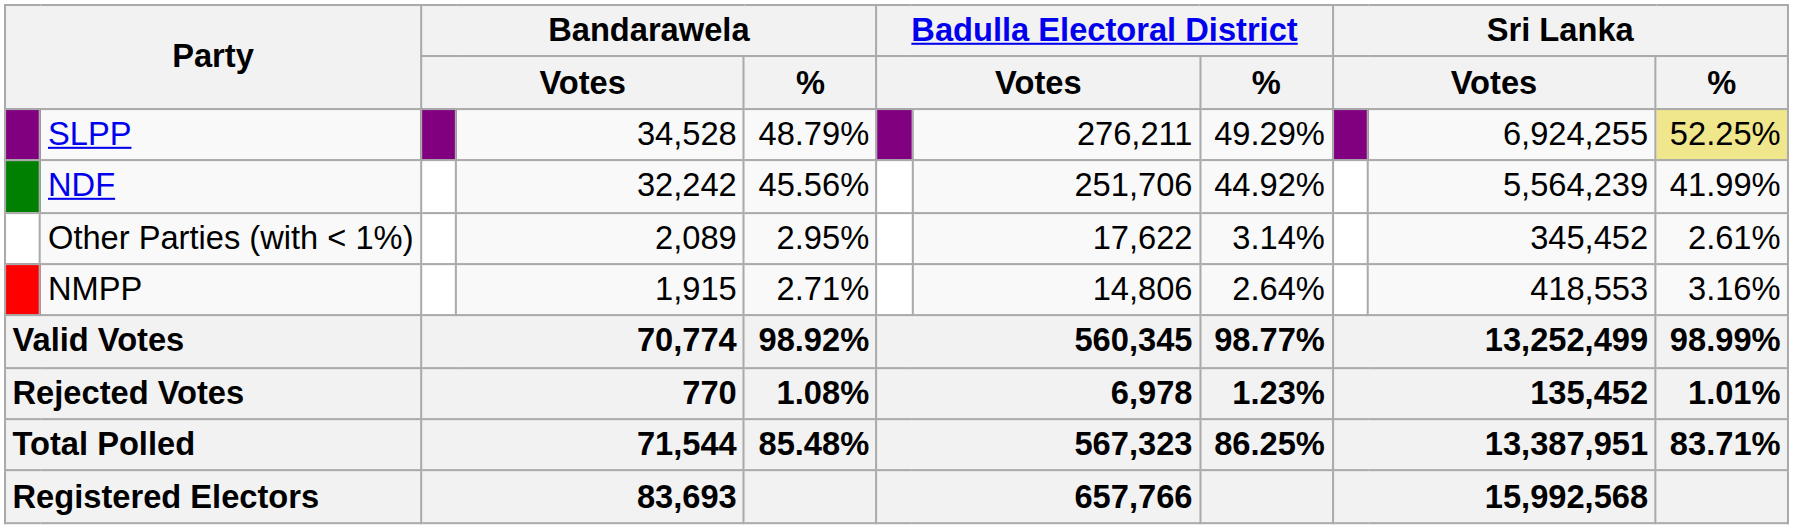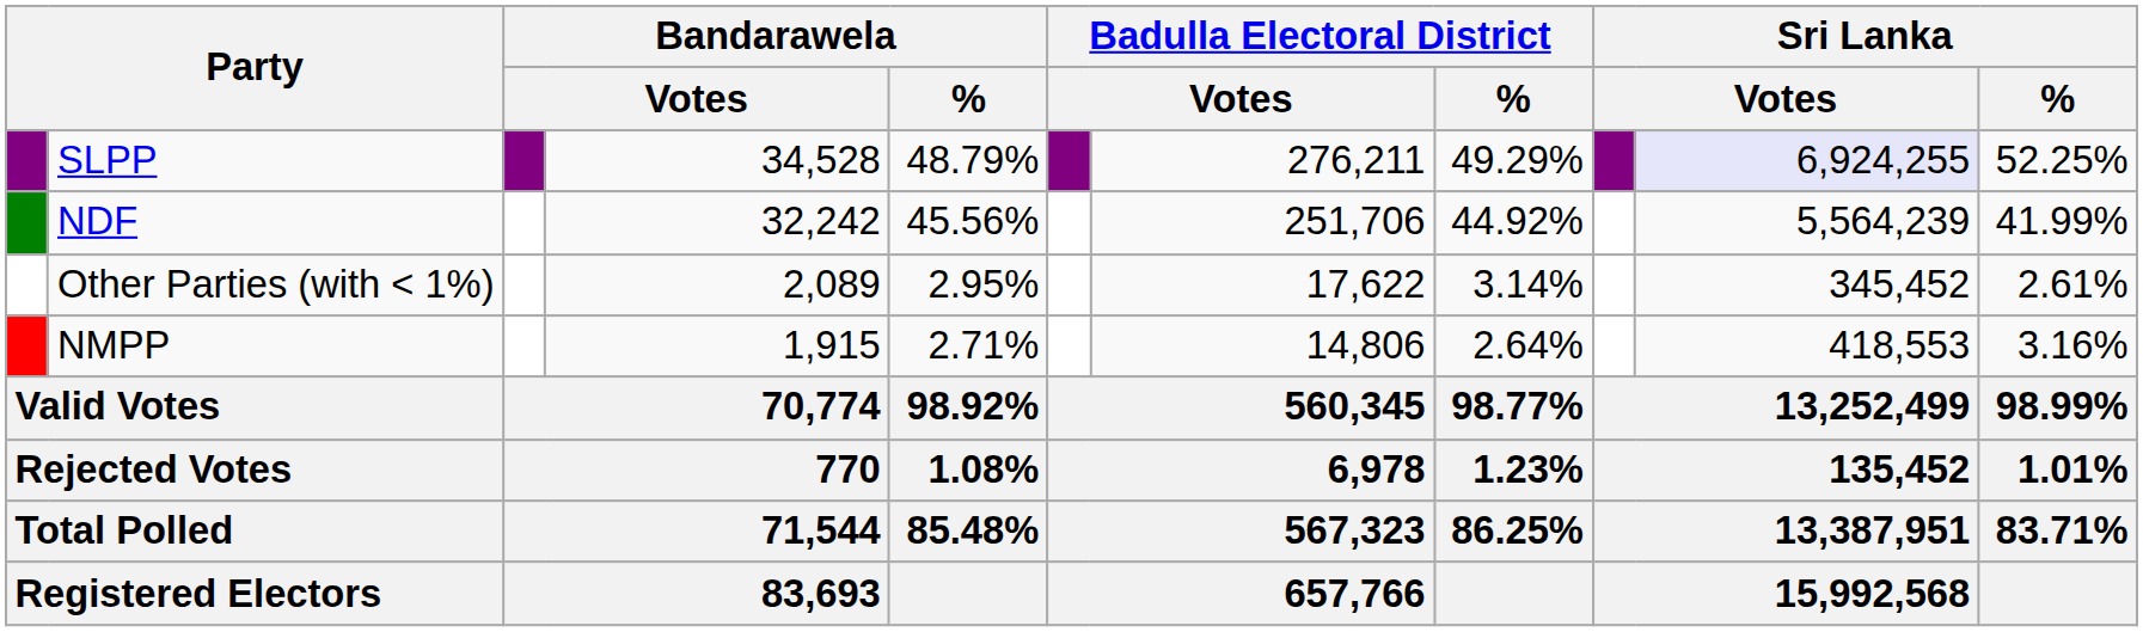 <table class="wikitable">
 <tr>
 <th colspan="2" width="144px"rowspan="2">Party</th>
 <th colspan="3" width="216px">Bandarawela</th>
 <th colspan="3" width="216px"><a href='#'>Badulla Electoral District</a></th>
 <th colspan="3" width="216px">Sri Lanka</th>
 </tr>
 <tr>
 <th colspan="2" width="144px">Votes</th>
 <th>%</th>
 <th colspan="2" width="144px">Votes</th>
 <th>%</th>
 <th colspan="2" width="144px">Votes</th>
 <th>%</th>
 </tr>
 <tr>
 <td style="background-color:purple;" width="10px"></td>
 <td style="text-align:left;"><a href='#'>SLPP</a></td>
 <td style="background-color:purple;" width="10px"></td>
 <td style="text-align:right;">34,528</td>
 <td style="text-align:right;">48.79%</td>
 <td style="background-color:purple;" width="10px"></td>
 <td style="text-align:right;">276,211</td>
 <td style="text-align:right;">49.29%</td>
 <td style="background-color:purple;" width="10px"></td>
-<td style="text-align:right;">6,924,255</td>
-<td style="background: khaki; text-align:right;">52.25%</td>
+<td style="background: lavender; text-align:right;">6,924,255</td>
+<td style="text-align:right;">52.25%</td>
 </tr>
 <tr>
 <td style="background-color:green;" width="10px"></td>
 <td style="text-align:left;"><a href='#'>NDF</a></td>
 <td style="background-color:white;" width="10px"></td>
 <td style="text-align:right;">32,242</td>
 <td style="text-align:right;">45.56%</td>
 <td style="background-color:white;" width="10px"></td>
 <td style="text-align:right;">251,706</td>
 <td style="text-align:right;">44.92%</td>
 <td style="background-color:white;" width="10px"></td>
 <td style="text-align:right;">5,564,239</td>
 <td style="text-align:right;">41.99%</td>
 </tr>
 <tr>
 <td style="background-color:white;" width="10px"></td>
 <td style="text-align:left;">Other Parties (with < 1%)</td>
 <td style="background-color:white;" width="10px"></td>
 <td style="text-align:right;">2,089</td>
 <td style="text-align:right;">2.95%</td>
 <td style="background-color:white;" width="10px"></td>
 <td style="text-align:right;">17,622</td>
 <td style="text-align:right;">3.14%</td>
 <td style="background-color:white;" width="10px"></td>
 <td style="text-align:right;">345,452</td>
 <td style="text-align:right;">2.61%</td>
 </tr>
 <tr>
 <td style="background-color:red;" width="10px"></td>
 <td style="text-align:left;">NMPP</td>
 <td style="background-color:white;" width="10px"></td>
 <td style="text-align:right;">1,915</td>
 <td style="text-align:right;">2.71%</td>
 <td style="background-color:white;" width="10px"></td>
 <td style="text-align:right;">14,806</td>
 <td style="text-align:right;">2.64%</td>
 <td style="background-color:white;" width="10px"></td>
 <td style="text-align:right;">418,553</td>
 <td style="text-align:right;">3.16%</td>
 </tr>
 <tr>
 <th colspan="2" width="144px"style="text-align:left;">Valid Votes</th>
 <th style="text-align:right;"colspan="2" width="144px">70,774</th>
 <th style="text-align:right;">98.92%</th>
 <th style="text-align:right;"colspan="2" width="144px">560,345</th>
 <th style="text-align:right;">98.77%</th>
 <th style="text-align:right;"colspan="2" width="144px">13,252,499</th>
 <th style="text-align:right;">98.99%</th>
 </tr>
 <tr>
 <th colspan="2" width="144px"style="text-align:left;">Rejected Votes</th>
 <th style="text-align:right;"colspan="2" width="144px">770</th>
 <th style="text-align:right;">1.08%</th>
 <th style="text-align:right;"colspan="2" width="144px">6,978</th>
 <th style="text-align:right;">1.23%</th>
 <th style="text-align:right;"colspan="2" width="144px">135,452</th>
 <th style="text-align:right;">1.01%</th>
 </tr>
 <tr>
 <th colspan="2" width="144px"style="text-align:left;">Total Polled</th>
 <th style="text-align:right;"colspan="2" width="144px">71,544</th>
 <th style="text-align:right;">85.48%</th>
 <th style="text-align:right;"colspan="2" width="144px">567,323</th>
 <th style="text-align:right;">86.25%</th>
 <th style="text-align:right;"colspan="2" width="144px">13,387,951</th>
 <th style="text-align:right;">83.71%</th>
 </tr>
 <tr>
 <th colspan="2" width="144px"style="text-align:left;">Registered Electors</th>
 <th style="text-align:right;"colspan="2" width="144px">83,693</th>
 <th></th>
 <th style="text-align:right;"colspan="2" width="144px">657,766</th>
 <th></th>
 <th style="text-align:right;"colspan="2" width="144px">15,992,568</th>
 <th></th>
 </tr>
 </table>
